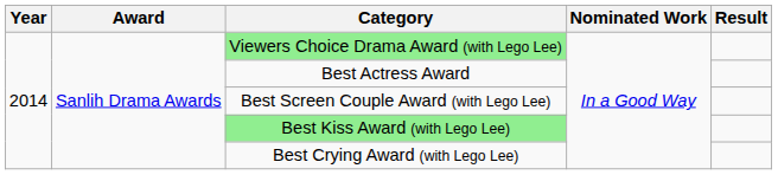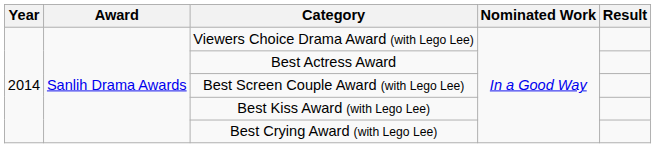 <table class="wikitable sortable">
 <tr>
 <th>Year</th>
 <th>Award</th>
 <th>Category</th>
 <th>Nominated Work</th>
 <th>Result</th>
 </tr>
 <tr align=center>
 <td rowspan=5>2014</td>
 <td rowspan="5"><a href='#'>Sanlih Drama Awards</a></td>
-<td style="background: lightgreen;">Viewers Choice Drama Award <small>(with Lego Lee)</small></td>
+<td>Viewers Choice Drama Award <small>(with Lego Lee)</small></td>
 <td rowspan="5"><em><a href='#'>In a Good Way</a></em></td>
 <td></td>
 </tr>
 <tr align=center>
 <td>Best Actress Award</td>
 <td></td>
 </tr>
 <tr align=center>
 <td>Best Screen Couple Award <small>(with Lego Lee)</small></td>
 <td></td>
 </tr>
 <tr align=center>
-<td style="background: lightgreen;">Best Kiss Award <small>(with Lego Lee)</small></td>
+<td>Best Kiss Award <small>(with Lego Lee)</small></td>
 <td></td>
 </tr>
 <tr align=center>
 <td>Best Crying Award <small>(with Lego Lee)</small></td>
 <td></td>
 </tr>
 </table>
